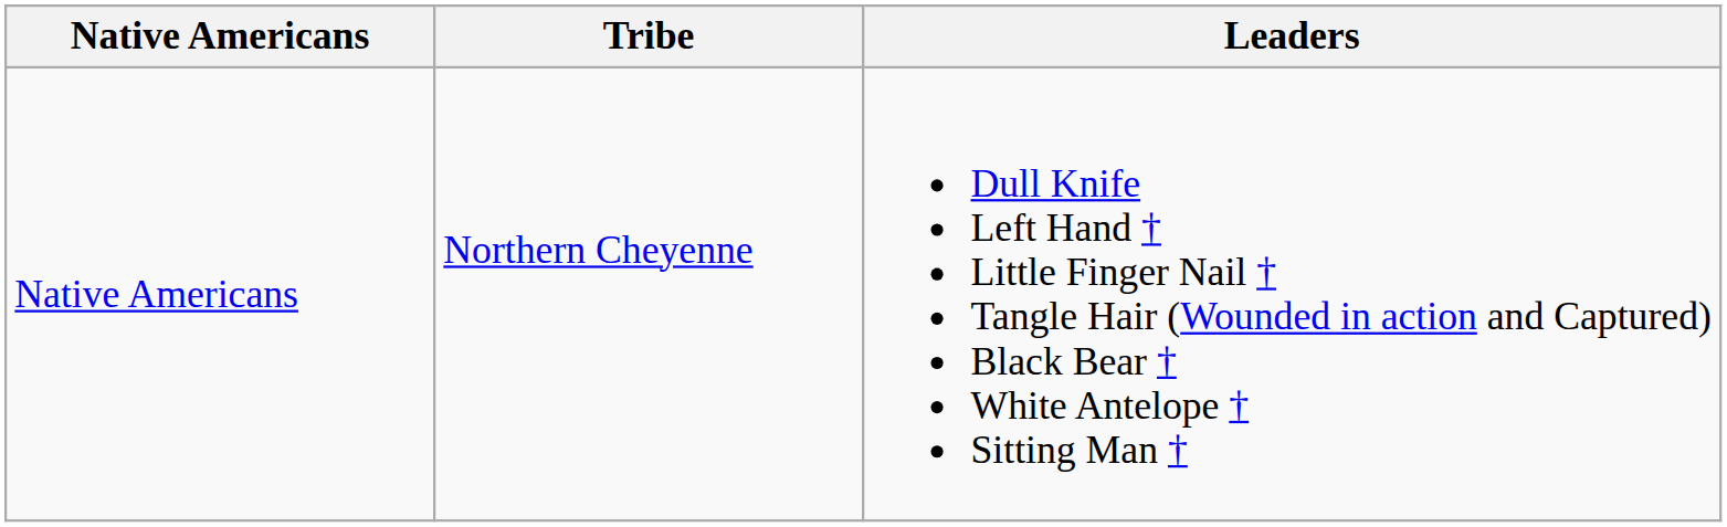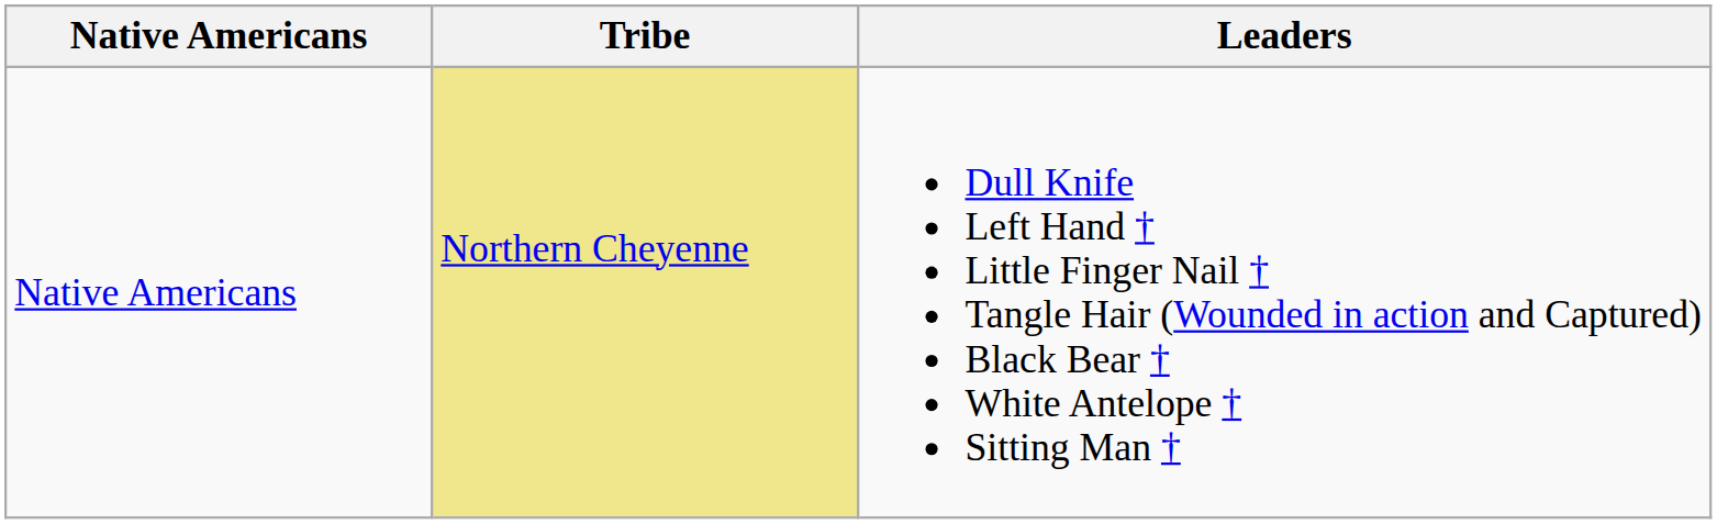 <table class="wikitable">
 <tr>
 <th style="width:25%;">Native Americans</th>
 <th style="width:25%;">Tribe</th>
 <th>Leaders</th>
 </tr>
 <tr>
 <td rowspan=2><br><a href='#'>Native Americans</a><br>    </td>
-<td><a href='#'>Northern Cheyenne</a><br><br>  </td>
+<td style="background: khaki;"><a href='#'>Northern Cheyenne</a><br><br>  </td>
 <td><br><ul><li><a href='#'>Dull Knife</a></li><li>Left Hand <a href='#'>†</a></li><li>Little Finger Nail <a href='#'>†</a></li><li>Tangle Hair (<a href='#'>Wounded in action</a> and Captured)</li><li>Black Bear <a href='#'>†</a></li><li>White Antelope <a href='#'>†</a></li><li>Sitting Man <a href='#'>†</a></li></ul></td>
 </tr>
 </table>
